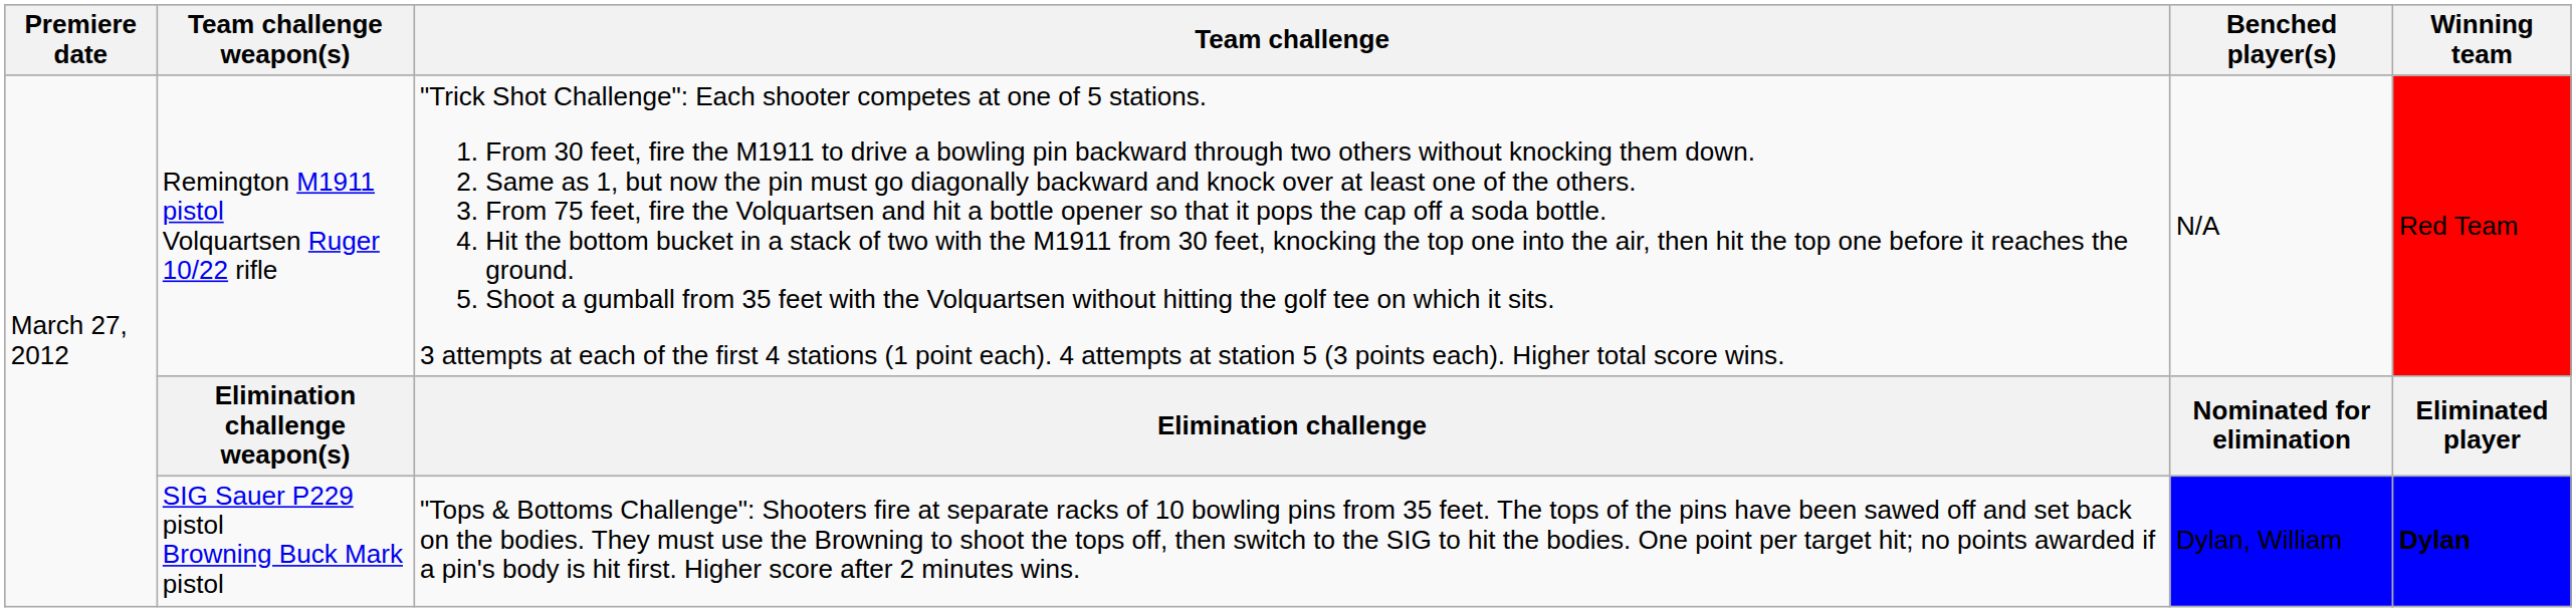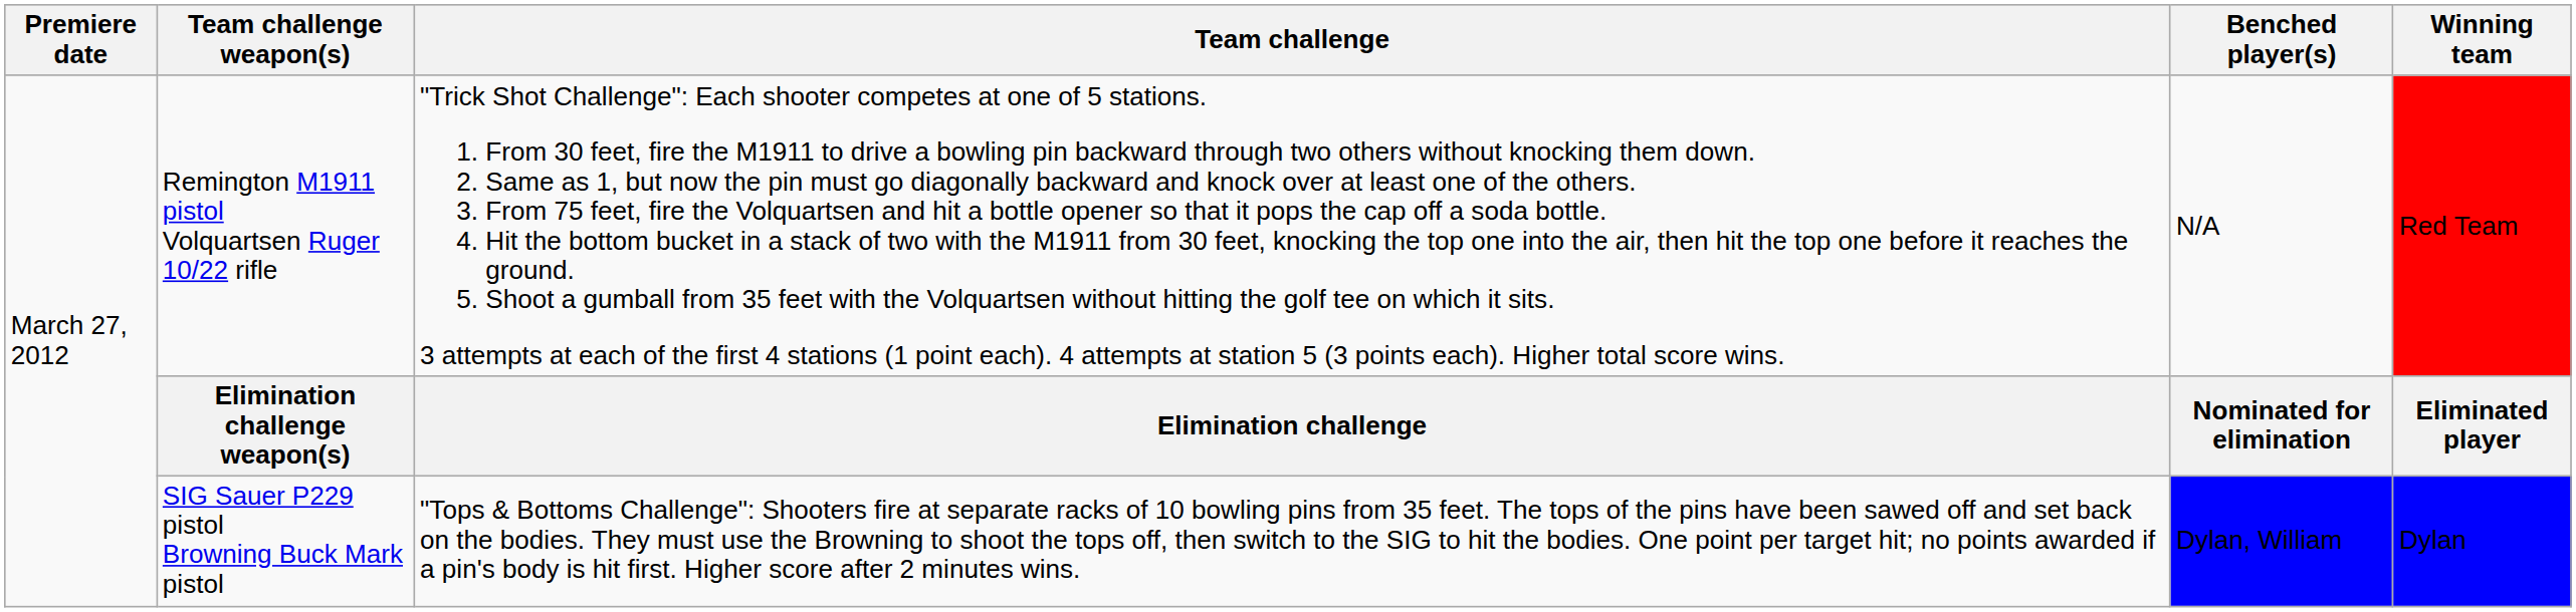 <table class="wikitable">
 <tr>
 <th>Premiere date</th>
 <th>Team challenge weapon(s)</th>
 <th>Team challenge</th>
 <th>Benched player(s)</th>
 <th>Winning team</th>
 </tr>
 <tr>
 <td rowspan="3">March 27, 2012</td>
 <td>Remington <a href='#'>M1911 pistol</a><br>Volquartsen <a href='#'>Ruger 10/22</a> rifle</td>
 <td>"Trick Shot Challenge": Each shooter competes at one of 5 stations.<br><ol><li>From 30 feet, fire the M1911 to drive a bowling pin backward through two others without knocking them down.</li><li>Same as 1, but now the pin must go diagonally backward and knock over at least one of the others.</li><li>From 75 feet, fire the Volquartsen and hit a bottle opener so that it pops the cap off a soda bottle.</li><li>Hit the bottom bucket in a stack of two with the M1911 from 30 feet, knocking the top one into the air, then hit the top one before it reaches the ground.</li><li>Shoot a gumball from 35 feet with the Volquartsen without hitting the golf tee on which it sits.</li></ol>3 attempts at each of the first 4 stations (1 point each). 4 attempts at station 5 (3 points each). Higher total score wins.</td>
 <td>N/A</td>
 <td bgcolor="red"><span>Red Team</span></td>
 </tr>
 <tr>
 <th>Elimination challenge weapon(s)</th>
 <th>Elimination challenge</th>
 <th>Nominated for elimination</th>
 <th>Eliminated player</th>
 </tr>
 <tr>
 <td><a href='#'>SIG Sauer P229</a> pistol<br><a href='#'>Browning Buck Mark</a> pistol</td>
 <td>"Tops & Bottoms Challenge": Shooters fire at separate racks of 10 bowling pins from 35 feet. The tops of the pins have been sawed off and set back on the bodies. They must use the Browning to shoot the tops off, then switch to the SIG to hit the bodies. One point per target hit; no points awarded if a pin's body is hit first. Higher score after 2 minutes wins.</td>
 <td bgcolor="blue"><span>Dylan, William</span></td>
-<td bgcolor="blue"><strong><span>Dylan</span></strong></td>
+<td bgcolor="blue"><span>Dylan</span></td>
 </tr>
 </table>
